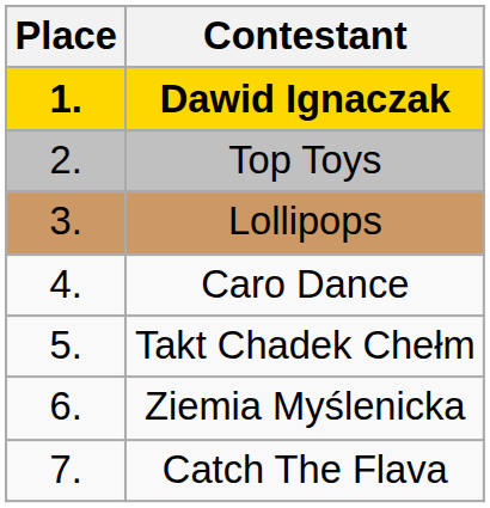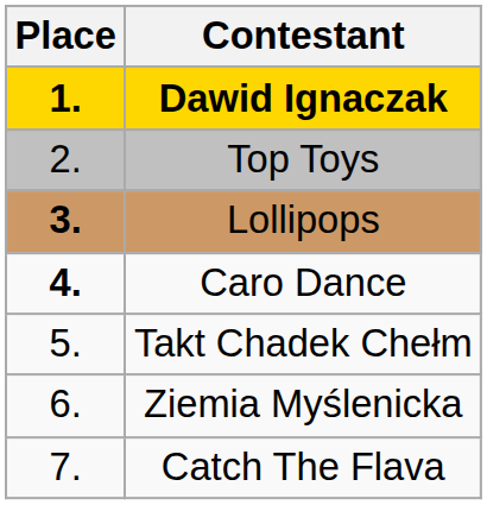 <table class="wikitable">
 <tr>
 <th>Place</th>
 <th>Contestant</th>
 </tr>
 <tr>
 </tr>
 <tr bgcolor="gold">
 <td align="center"><strong>1.</strong></td>
 <td align="center"><strong>Dawid Ignaczak</strong></td>
 </tr>
 <tr>
 </tr>
 <tr bgcolor="silver">
 <td align="center">2.</td>
 <td align="center">Top Toys</td>
 </tr>
 <tr>
 </tr>
 <tr bgcolor="#cc9966">
-<td align="center">3.</td>
+<td align="center"><strong>3.</strong></td>
 <td align="center">Lollipops</td>
 </tr>
 <tr>
-<td align="center">4.</td>
+<td align="center"><strong>4.</strong></td>
 <td align="center">Caro Dance</td>
 </tr>
 <tr>
 <td align="center">5.</td>
 <td align="center">Takt Chadek Chełm</td>
 </tr>
 <tr>
 <td align="center">6.</td>
 <td align="center">Ziemia Myślenicka</td>
 </tr>
 <tr>
 <td align="center">7.</td>
 <td align="center">Catch The Flava</td>
 </tr>
 </table>
